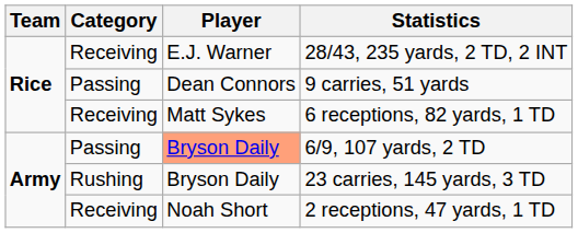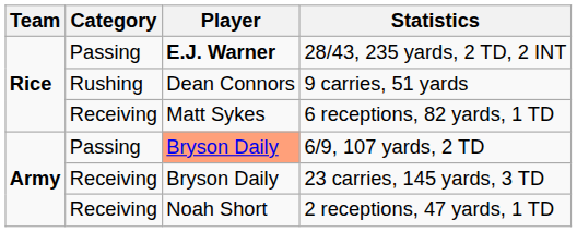 <table class="wikitable" style="float: right;">
 <tr>
 <th>Team</th>
 <th>Category</th>
 <th>Player</th>
 <th>Statistics</th>
 </tr>
 <tr>
 <td rowspan=3><strong>Rice</strong></td>
-<td>Receiving</td>
-<td>E.J. Warner</td>
+<td>Passing</td>
+<td><strong>E.J. Warner</strong></td>
 <td>28/43, 235 yards, 2 TD, 2 INT</td>
 </tr>
 <tr>
-<td>Passing</td>
+<td>Rushing</td>
 <td>Dean Connors</td>
 <td>9 carries, 51 yards</td>
 </tr>
 <tr>
 <td>Receiving</td>
 <td>Matt Sykes</td>
 <td>6 receptions, 82 yards, 1 TD</td>
 </tr>
 <tr>
 <td rowspan=3><strong>Army</strong></td>
 <td>Passing</td>
 <td style="background: lightsalmon;"><a href='#'>Bryson Daily</a></td>
 <td>6/9, 107 yards, 2 TD</td>
 </tr>
 <tr>
-<td>Rushing</td>
+<td>Receiving</td>
 <td>Bryson Daily</td>
 <td>23 carries, 145 yards, 3 TD</td>
 </tr>
 <tr>
 <td>Receiving</td>
 <td>Noah Short</td>
 <td>2 receptions, 47 yards, 1 TD</td>
 </tr>
 </table>
